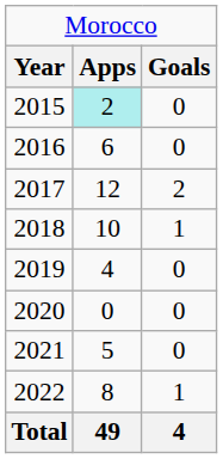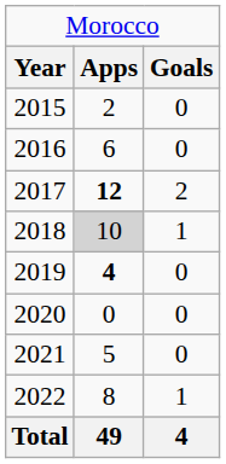 <table class="wikitable" style="text-align:center">
 <tr>
 <td colspan="3"><a href='#'>Morocco</a></td>
 </tr>
 <tr>
 <th>Year</th>
 <th>Apps</th>
 <th>Goals</th>
 </tr>
 <tr>
 <td>2015</td>
-<td style="background: paleturquoise;">2</td>
+<td>2</td>
 <td>0</td>
 </tr>
 <tr>
 <td>2016</td>
 <td>6</td>
 <td>0</td>
 </tr>
 <tr>
 <td>2017</td>
-<td>12</td>
+<td><strong>12</strong></td>
 <td>2</td>
 </tr>
 <tr>
 <td>2018</td>
-<td>10</td>
+<td style="background: lightgrey;">10</td>
 <td>1</td>
 </tr>
 <tr>
 <td>2019</td>
-<td>4</td>
+<td><strong>4</strong></td>
 <td>0</td>
 </tr>
 <tr>
 <td>2020</td>
 <td>0</td>
 <td>0</td>
 </tr>
 <tr>
 <td>2021</td>
 <td>5</td>
 <td>0</td>
 </tr>
 <tr>
 <td>2022</td>
 <td>8</td>
 <td>1</td>
 </tr>
 <tr>
 <th>Total</th>
 <th>49</th>
 <th>4</th>
 </tr>
 </table>
